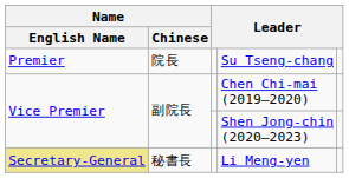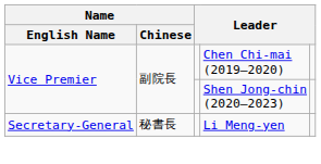 <table class="wikitable sortable">
 <tr>
 <th colspan="2">Name</th>
 <th colspan="3" rowspan="2">Leader</th>
 </tr>
 <tr>
 <th>English Name</th>
 <th>Chinese</th>
-</tr>
-<tr>
-<td><a href='#'>Premier</a></td>
-<td>院長</td>
-<td style="background:"></td>
-<td><a href='#'>Su Tseng-chang</a></td>
-<td></td>
 </tr>
 <tr>
 <td rowspan=2><a href='#'>Vice Premier</a></td>
 <td rowspan=2>副院長</td>
 <td style="background:"></td>
 <td><a href='#'>Chen Chi-mai</a><br>(2019–2020)</td>
 <td></td>
 </tr>
 <tr>
 <td style="background:"></td>
 <td><a href='#'>Shen Jong-chin</a><br>(2020–2023)</td>
 <td></td>
 </tr>
 <tr>
-<td style="background: khaki;"><a href='#'>Secretary-General</a></td>
+<td><a href='#'>Secretary-General</a></td>
 <td>秘書長</td>
 <td style="background:"></td>
 <td><a href='#'>Li Meng-yen</a></td>
 <td></td>
 </tr>
 </table>
